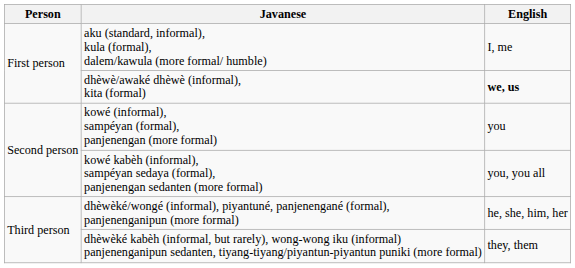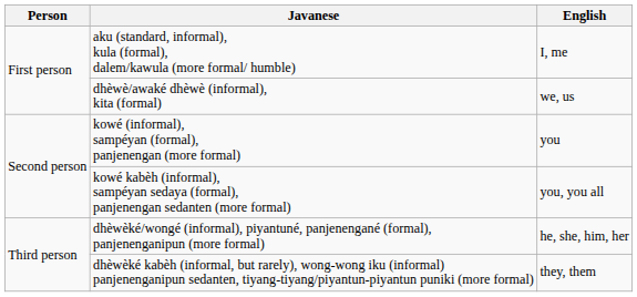 <table class="wikitable">
 <tr>
 <th>Person</th>
 <th>Javanese</th>
 <th>English</th>
 </tr>
 <tr>
 <td rowspan=2>First person</td>
 <td>aku (standard, informal),<br>kula (formal),<br>dalem/kawula (more formal/ humble)</td>
 <td>I, me</td>
 </tr>
 <tr>
 <td>dhèwè/awaké dhèwè (informal), <br>kita (formal)</td>
-<td><strong>we, us</strong></td>
+<td>we, us</td>
 </tr>
 <tr>
 <td rowspan=2>Second person</td>
 <td>kowé (informal), <br>sampéyan (formal), <br>panjenengan (more formal)</td>
 <td>you</td>
 </tr>
 <tr>
 <td>kowé kabèh (informal), <br>sampéyan sedaya (formal), <br>panjenengan sedanten (more formal)</td>
 <td>you, you all</td>
 </tr>
 <tr>
 <td rowspan=2>Third person</td>
 <td>dhèwèké/wongé (informal), piyantuné, panjenengané (formal), <br>panjenenganipun (more formal)</td>
 <td>he, she, him, her</td>
 </tr>
 <tr>
 <td>dhèwèké kabèh (informal, but rarely), wong-wong iku (informal) <br>panjenenganipun sedanten, tiyang-tiyang/piyantun-piyantun puniki (more formal)</td>
 <td>they, them</td>
 </tr>
 </table>
